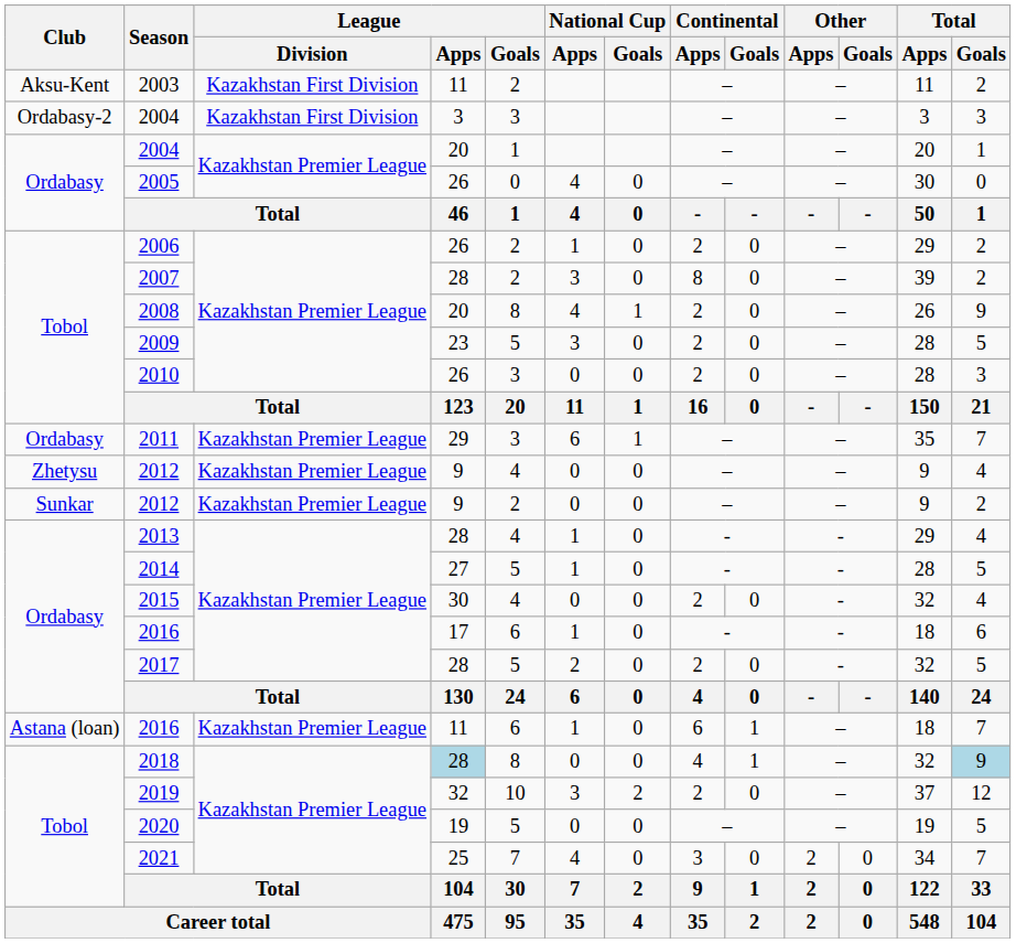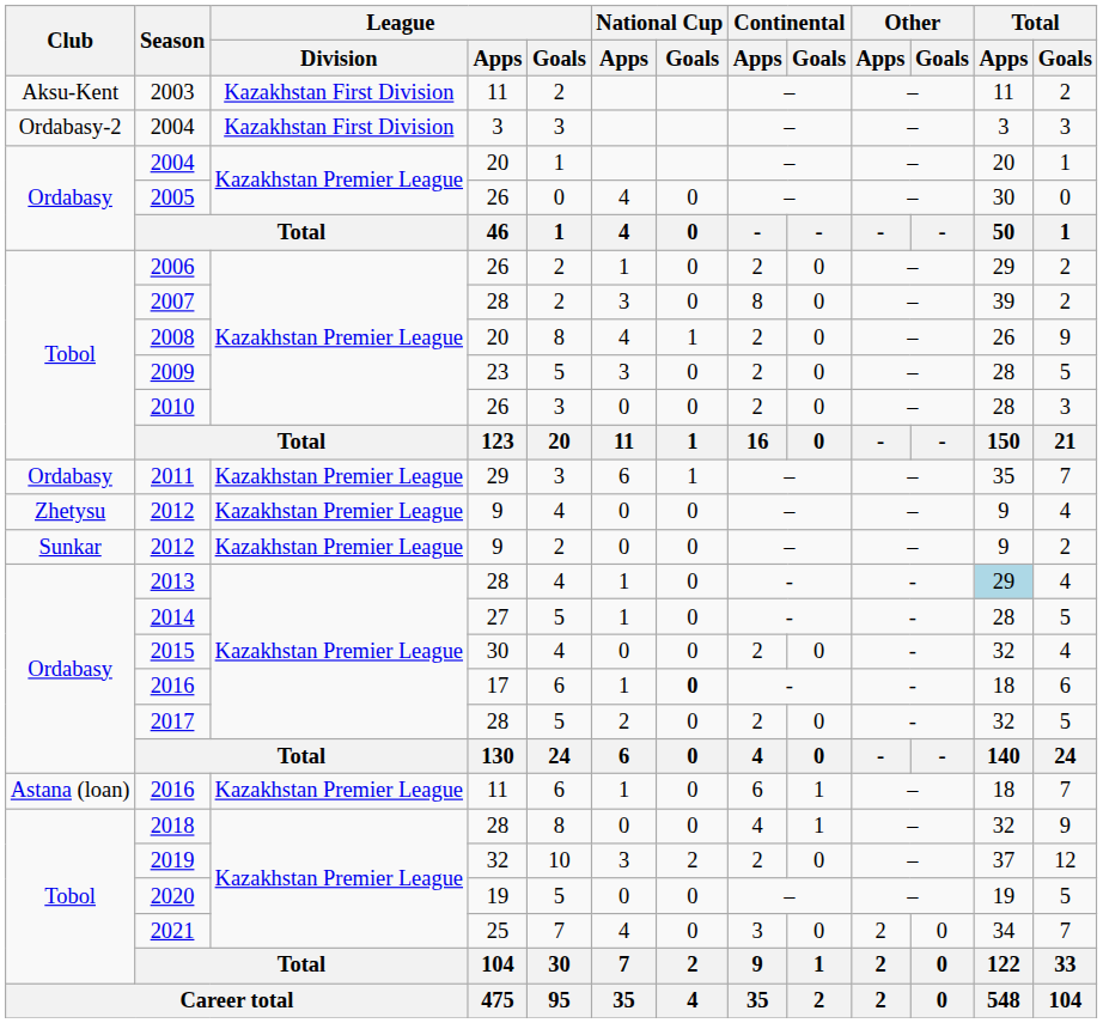 <table class="wikitable" style="text-align: center;">
 <tr>
 <th rowspan="2">Club</th>
 <th rowspan="2">Season</th>
 <th colspan="3">League</th>
 <th colspan="2">National Cup</th>
 <th colspan="2">Continental</th>
 <th colspan="2">Other</th>
 <th colspan="2">Total</th>
 </tr>
 <tr>
 <th>Division</th>
 <th>Apps</th>
 <th>Goals</th>
 <th>Apps</th>
 <th>Goals</th>
 <th>Apps</th>
 <th>Goals</th>
 <th>Apps</th>
 <th>Goals</th>
 <th>Apps</th>
 <th>Goals</th>
 </tr>
 <tr>
 <td valign="center">Aksu-Kent</td>
 <td>2003</td>
 <td><a href='#'>Kazakhstan First Division</a></td>
 <td>11</td>
 <td>2</td>
 <td></td>
 <td></td>
 <td colspan="2">–</td>
 <td colspan="2">–</td>
 <td>11</td>
 <td>2</td>
 </tr>
 <tr>
 <td valign="center">Ordabasy-2</td>
 <td>2004</td>
 <td><a href='#'>Kazakhstan First Division</a></td>
 <td>3</td>
 <td>3</td>
 <td></td>
 <td></td>
 <td colspan="2">–</td>
 <td colspan="2">–</td>
 <td>3</td>
 <td>3</td>
 </tr>
 <tr>
 <td rowspan="3" valign="center"><a href='#'>Ordabasy</a></td>
 <td><a href='#'>2004</a></td>
 <td rowspan="2" valign="center"><a href='#'>Kazakhstan Premier League</a></td>
 <td>20</td>
 <td>1</td>
 <td></td>
 <td></td>
 <td colspan="2">–</td>
 <td colspan="2">–</td>
 <td>20</td>
 <td>1</td>
 </tr>
 <tr>
 <td><a href='#'>2005</a></td>
 <td>26</td>
 <td>0</td>
 <td>4</td>
 <td>0</td>
 <td colspan="2">–</td>
 <td colspan="2">–</td>
 <td>30</td>
 <td>0</td>
 </tr>
 <tr>
 <th colspan="2">Total</th>
 <th>46</th>
 <th>1</th>
 <th>4</th>
 <th>0</th>
 <th>-</th>
 <th>-</th>
 <th>-</th>
 <th>-</th>
 <th>50</th>
 <th>1</th>
 </tr>
 <tr>
 <td rowspan="6" valign="center"><a href='#'>Tobol</a></td>
 <td><a href='#'>2006</a></td>
 <td rowspan="5" valign="center"><a href='#'>Kazakhstan Premier League</a></td>
 <td>26</td>
 <td>2</td>
 <td>1</td>
 <td>0</td>
 <td>2</td>
 <td>0</td>
 <td colspan="2">–</td>
 <td>29</td>
 <td>2</td>
 </tr>
 <tr>
 <td><a href='#'>2007</a></td>
 <td>28</td>
 <td>2</td>
 <td>3</td>
 <td>0</td>
 <td>8</td>
 <td>0</td>
 <td colspan="2">–</td>
 <td>39</td>
 <td>2</td>
 </tr>
 <tr>
 <td><a href='#'>2008</a></td>
 <td>20</td>
 <td>8</td>
 <td>4</td>
 <td>1</td>
 <td>2</td>
 <td>0</td>
 <td colspan="2">–</td>
 <td>26</td>
 <td>9</td>
 </tr>
 <tr>
 <td><a href='#'>2009</a></td>
 <td>23</td>
 <td>5</td>
 <td>3</td>
 <td>0</td>
 <td>2</td>
 <td>0</td>
 <td colspan="2">–</td>
 <td>28</td>
 <td>5</td>
 </tr>
 <tr>
 <td><a href='#'>2010</a></td>
 <td>26</td>
 <td>3</td>
 <td>0</td>
 <td>0</td>
 <td>2</td>
 <td>0</td>
 <td colspan="2">–</td>
 <td>28</td>
 <td>3</td>
 </tr>
 <tr>
 <th colspan="2">Total</th>
 <th>123</th>
 <th>20</th>
 <th>11</th>
 <th>1</th>
 <th>16</th>
 <th>0</th>
 <th>-</th>
 <th>-</th>
 <th>150</th>
 <th>21</th>
 </tr>
 <tr>
 <td valign="center"><a href='#'>Ordabasy</a></td>
 <td><a href='#'>2011</a></td>
 <td><a href='#'>Kazakhstan Premier League</a></td>
 <td>29</td>
 <td>3</td>
 <td>6</td>
 <td>1</td>
 <td colspan="2">–</td>
 <td colspan="2">–</td>
 <td>35</td>
 <td>7</td>
 </tr>
 <tr>
 <td valign="center"><a href='#'>Zhetysu</a></td>
 <td><a href='#'>2012</a></td>
 <td><a href='#'>Kazakhstan Premier League</a></td>
 <td>9</td>
 <td>4</td>
 <td>0</td>
 <td>0</td>
 <td colspan="2">–</td>
 <td colspan="2">–</td>
 <td>9</td>
 <td>4</td>
 </tr>
 <tr>
 <td valign="center"><a href='#'>Sunkar</a></td>
 <td><a href='#'>2012</a></td>
 <td><a href='#'>Kazakhstan Premier League</a></td>
 <td>9</td>
 <td>2</td>
 <td>0</td>
 <td>0</td>
 <td colspan="2">–</td>
 <td colspan="2">–</td>
 <td>9</td>
 <td>2</td>
 </tr>
 <tr>
 <td rowspan="6" valign="center"><a href='#'>Ordabasy</a></td>
 <td><a href='#'>2013</a></td>
 <td rowspan="5" valign="center"><a href='#'>Kazakhstan Premier League</a></td>
 <td>28</td>
 <td>4</td>
 <td>1</td>
 <td>0</td>
 <td colspan="2">-</td>
 <td colspan="2">-</td>
-<td>29</td>
+<td style="background: lightblue;">29</td>
 <td>4</td>
 </tr>
 <tr>
 <td><a href='#'>2014</a></td>
 <td>27</td>
 <td>5</td>
 <td>1</td>
 <td>0</td>
 <td colspan="2">-</td>
 <td colspan="2">-</td>
 <td>28</td>
 <td>5</td>
 </tr>
 <tr>
 <td><a href='#'>2015</a></td>
 <td>30</td>
 <td>4</td>
 <td>0</td>
 <td>0</td>
 <td>2</td>
 <td>0</td>
 <td colspan="2">-</td>
 <td>32</td>
 <td>4</td>
 </tr>
 <tr>
 <td><a href='#'>2016</a></td>
 <td>17</td>
 <td>6</td>
 <td>1</td>
-<td>0</td>
+<td><strong>0</strong></td>
 <td colspan="2">-</td>
 <td colspan="2">-</td>
 <td>18</td>
 <td>6</td>
 </tr>
 <tr>
 <td><a href='#'>2017</a></td>
 <td>28</td>
 <td>5</td>
 <td>2</td>
 <td>0</td>
 <td>2</td>
 <td>0</td>
 <td colspan="2">-</td>
 <td>32</td>
 <td>5</td>
 </tr>
 <tr>
 <th colspan="2">Total</th>
 <th>130</th>
 <th>24</th>
 <th>6</th>
 <th>0</th>
 <th>4</th>
 <th>0</th>
 <th>-</th>
 <th>-</th>
 <th>140</th>
 <th>24</th>
 </tr>
 <tr>
 <td valign="center"><a href='#'>Astana</a> (loan)</td>
 <td><a href='#'>2016</a></td>
 <td><a href='#'>Kazakhstan Premier League</a></td>
 <td>11</td>
 <td>6</td>
 <td>1</td>
 <td>0</td>
 <td>6</td>
 <td>1</td>
 <td colspan="2">–</td>
 <td>18</td>
 <td>7</td>
 </tr>
 <tr>
 <td rowspan="5" valign="center"><a href='#'>Tobol</a></td>
 <td><a href='#'>2018</a></td>
 <td rowspan="4" valign="center"><a href='#'>Kazakhstan Premier League</a></td>
-<td style="background: lightblue;">28</td>
+<td>28</td>
 <td>8</td>
 <td>0</td>
 <td>0</td>
 <td>4</td>
 <td>1</td>
 <td colspan="2">–</td>
 <td>32</td>
-<td style="background: lightblue;">9</td>
+<td>9</td>
 </tr>
 <tr>
 <td><a href='#'>2019</a></td>
 <td>32</td>
 <td>10</td>
 <td>3</td>
 <td>2</td>
 <td>2</td>
 <td>0</td>
 <td colspan="2">–</td>
 <td>37</td>
 <td>12</td>
 </tr>
 <tr>
 <td><a href='#'>2020</a></td>
 <td>19</td>
 <td>5</td>
 <td>0</td>
 <td>0</td>
 <td colspan="2">–</td>
 <td colspan="2">–</td>
 <td>19</td>
 <td>5</td>
 </tr>
 <tr>
 <td><a href='#'>2021</a></td>
 <td>25</td>
 <td>7</td>
 <td>4</td>
 <td>0</td>
 <td>3</td>
 <td>0</td>
 <td>2</td>
 <td>0</td>
 <td>34</td>
 <td>7</td>
 </tr>
 <tr>
 <th colspan="2">Total</th>
 <th>104</th>
 <th>30</th>
 <th>7</th>
 <th>2</th>
 <th>9</th>
 <th>1</th>
 <th>2</th>
 <th>0</th>
 <th>122</th>
 <th>33</th>
 </tr>
 <tr>
 <th colspan="3">Career total</th>
 <th>475</th>
 <th>95</th>
 <th>35</th>
 <th>4</th>
 <th>35</th>
 <th>2</th>
 <th>2</th>
 <th>0</th>
 <th>548</th>
 <th>104</th>
 </tr>
 </table>
